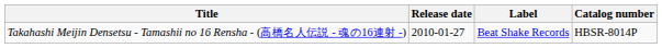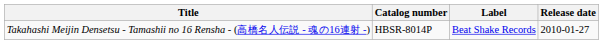 <table class="wikitable">
 <tr>
 <th>Title</th>
+<th>Catalog number</th>
+<th>Label</th>
 <th>Release date</th>
-<th>Label</th>
-<th>Catalog number</th>
 </tr>
 <tr>
 <td><em>Takahashi Meijin Densetsu - Tamashii no 16 Rensha -</em> (<a href='#'>高橋名人伝説 - 魂の16連射 -</a>)</td>
+<td>HBSR-8014P</td>
+<td><a href='#'>Beat Shake Records</a></td>
 <td>2010-01-27</td>
-<td><a href='#'>Beat Shake Records</a></td>
-<td>HBSR-8014P</td>
 </tr>
 </table>
